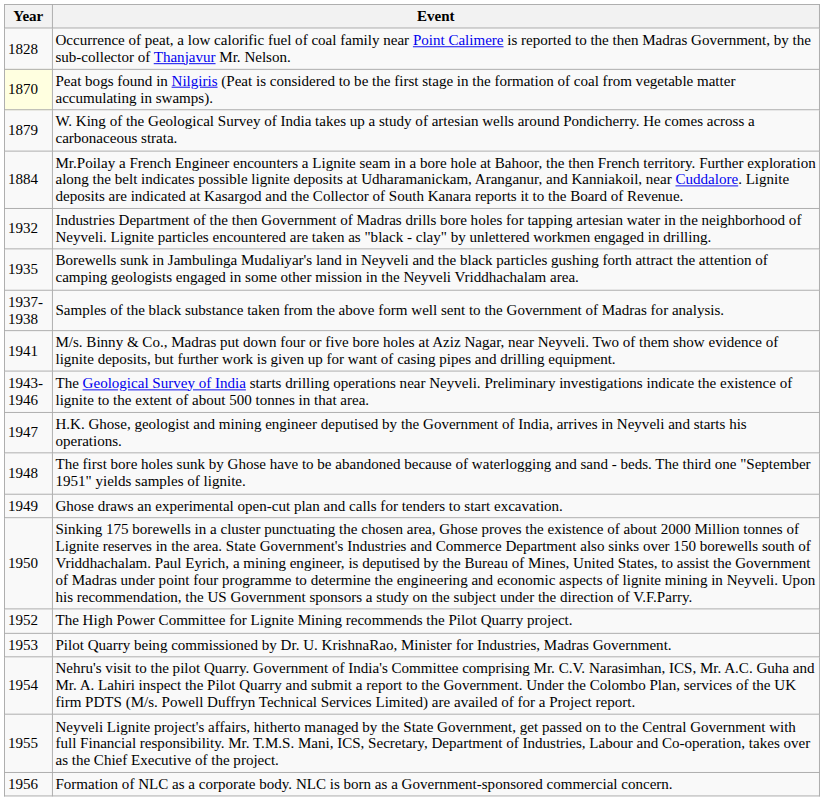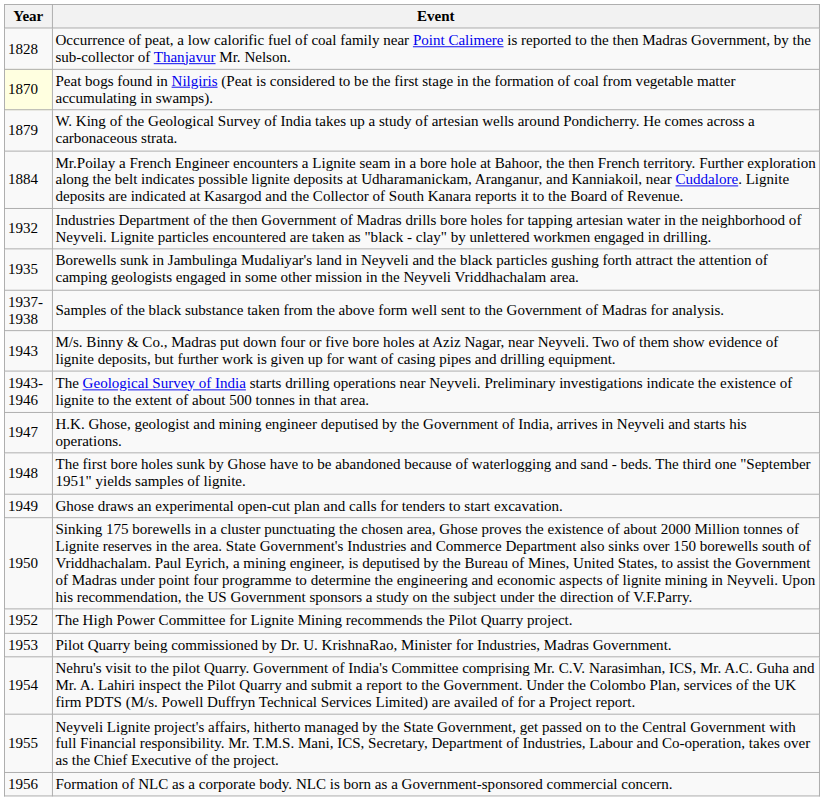 <table class="wikitable">
 <tr>
 <th>Year</th>
 <th>Event</th>
 </tr>
 <tr>
 <td>1828</td>
 <td>Occurrence of peat, a low calorific fuel of coal family near <a href='#'>Point Calimere</a> is reported to the then Madras Government, by the sub-collector of <a href='#'>Thanjavur</a> Mr. Nelson.</td>
 </tr>
 <tr>
 <td style="background: lightyellow;">1870</td>
 <td>Peat bogs found in <a href='#'>Nilgiris</a> (Peat is considered to be the first stage in the formation of coal from vegetable matter accumulating in swamps).</td>
 </tr>
 <tr>
 <td>1879</td>
 <td>W. King of the Geological Survey of India takes up a study of artesian wells around Pondicherry. He comes across a carbonaceous strata.</td>
 </tr>
 <tr>
 <td>1884</td>
 <td>Mr.Poilay a French Engineer encounters a Lignite seam in a bore hole at Bahoor, the then French territory. Further exploration along the belt indicates possible lignite deposits at Udharamanickam, Aranganur, and Kanniakoil, near <a href='#'>Cuddalore</a>. Lignite deposits are indicated at Kasargod and the Collector of South Kanara reports it to the Board of Revenue.</td>
 </tr>
 <tr>
 <td>1932</td>
 <td>Industries Department of the then Government of Madras drills bore holes for tapping artesian water in the neighborhood of Neyveli. Lignite particles encountered are taken as "black - clay" by unlettered workmen engaged in drilling.</td>
 </tr>
 <tr>
 <td>1935</td>
 <td>Borewells sunk in Jambulinga Mudaliyar's land in Neyveli and the black particles gushing forth attract the attention of camping geologists engaged in some other mission in the Neyveli Vriddhachalam area.</td>
 </tr>
 <tr>
 <td>1937-1938</td>
 <td>Samples of the black substance taken from the above form well sent to the Government of Madras for analysis.</td>
 </tr>
 <tr>
-<td>1941</td>
+<td>1943</td>
 <td>M/s. Binny & Co., Madras put down four or five bore holes at Aziz Nagar, near Neyveli. Two of them show evidence of lignite deposits, but further work is given up for want of casing pipes and drilling equipment.</td>
 </tr>
 <tr>
 <td>1943-1946</td>
 <td>The <a href='#'>Geological Survey of India</a> starts drilling operations near Neyveli. Preliminary investigations indicate the existence of lignite to the extent of about 500 tonnes in that area.</td>
 </tr>
 <tr>
 <td>1947</td>
 <td>H.K. Ghose, geologist and mining engineer deputised by the Government of India, arrives in Neyveli and starts his operations.</td>
 </tr>
 <tr>
 <td>1948</td>
 <td>The first bore holes sunk by Ghose have to be abandoned because of waterlogging and sand - beds. The third one "September 1951" yields samples of lignite.</td>
 </tr>
 <tr>
 <td>1949</td>
 <td>Ghose draws an experimental open-cut plan and calls for tenders to start excavation.</td>
 </tr>
 <tr>
 <td>1950</td>
 <td>Sinking 175 borewells in a cluster punctuating the chosen area, Ghose proves the existence of about 2000 Million tonnes of Lignite reserves in the area. State Government's Industries and Commerce Department also sinks over 150 borewells south of Vriddhachalam. Paul Eyrich, a mining engineer, is deputised by the Bureau of Mines, United States, to assist the Government of Madras under point four programme to determine the engineering and economic aspects of lignite mining in Neyveli. Upon his recommendation, the US Government sponsors a study on the subject under the direction of V.F.Parry.</td>
 </tr>
 <tr>
 <td>1952</td>
 <td>The High Power Committee for Lignite Mining recommends the Pilot Quarry project.</td>
 </tr>
 <tr>
 <td>1953</td>
 <td>Pilot Quarry being commissioned by Dr. U. KrishnaRao, Minister for Industries, Madras Government.</td>
 </tr>
 <tr>
 <td>1954</td>
 <td>Nehru's visit to the pilot Quarry. Government of India's Committee comprising Mr. C.V. Narasimhan, ICS, Mr. A.C. Guha and Mr. A. Lahiri inspect the Pilot Quarry and submit a report to the Government. Under the Colombo Plan, services of the UK firm PDTS (M/s. Powell Duffryn Technical Services Limited) are availed of for a Project report.</td>
 </tr>
 <tr>
 <td>1955</td>
 <td>Neyveli Lignite project's affairs, hitherto managed by the State Government, get passed on to the Central Government with full Financial responsibility. Mr. T.M.S. Mani, ICS, Secretary, Department of Industries, Labour and Co-operation, takes over as the Chief Executive of the project.</td>
 </tr>
 <tr>
 <td>1956</td>
 <td>Formation of NLC as a corporate body. NLC is born as a Government-sponsored commercial concern.</td>
 </tr>
 </table>
